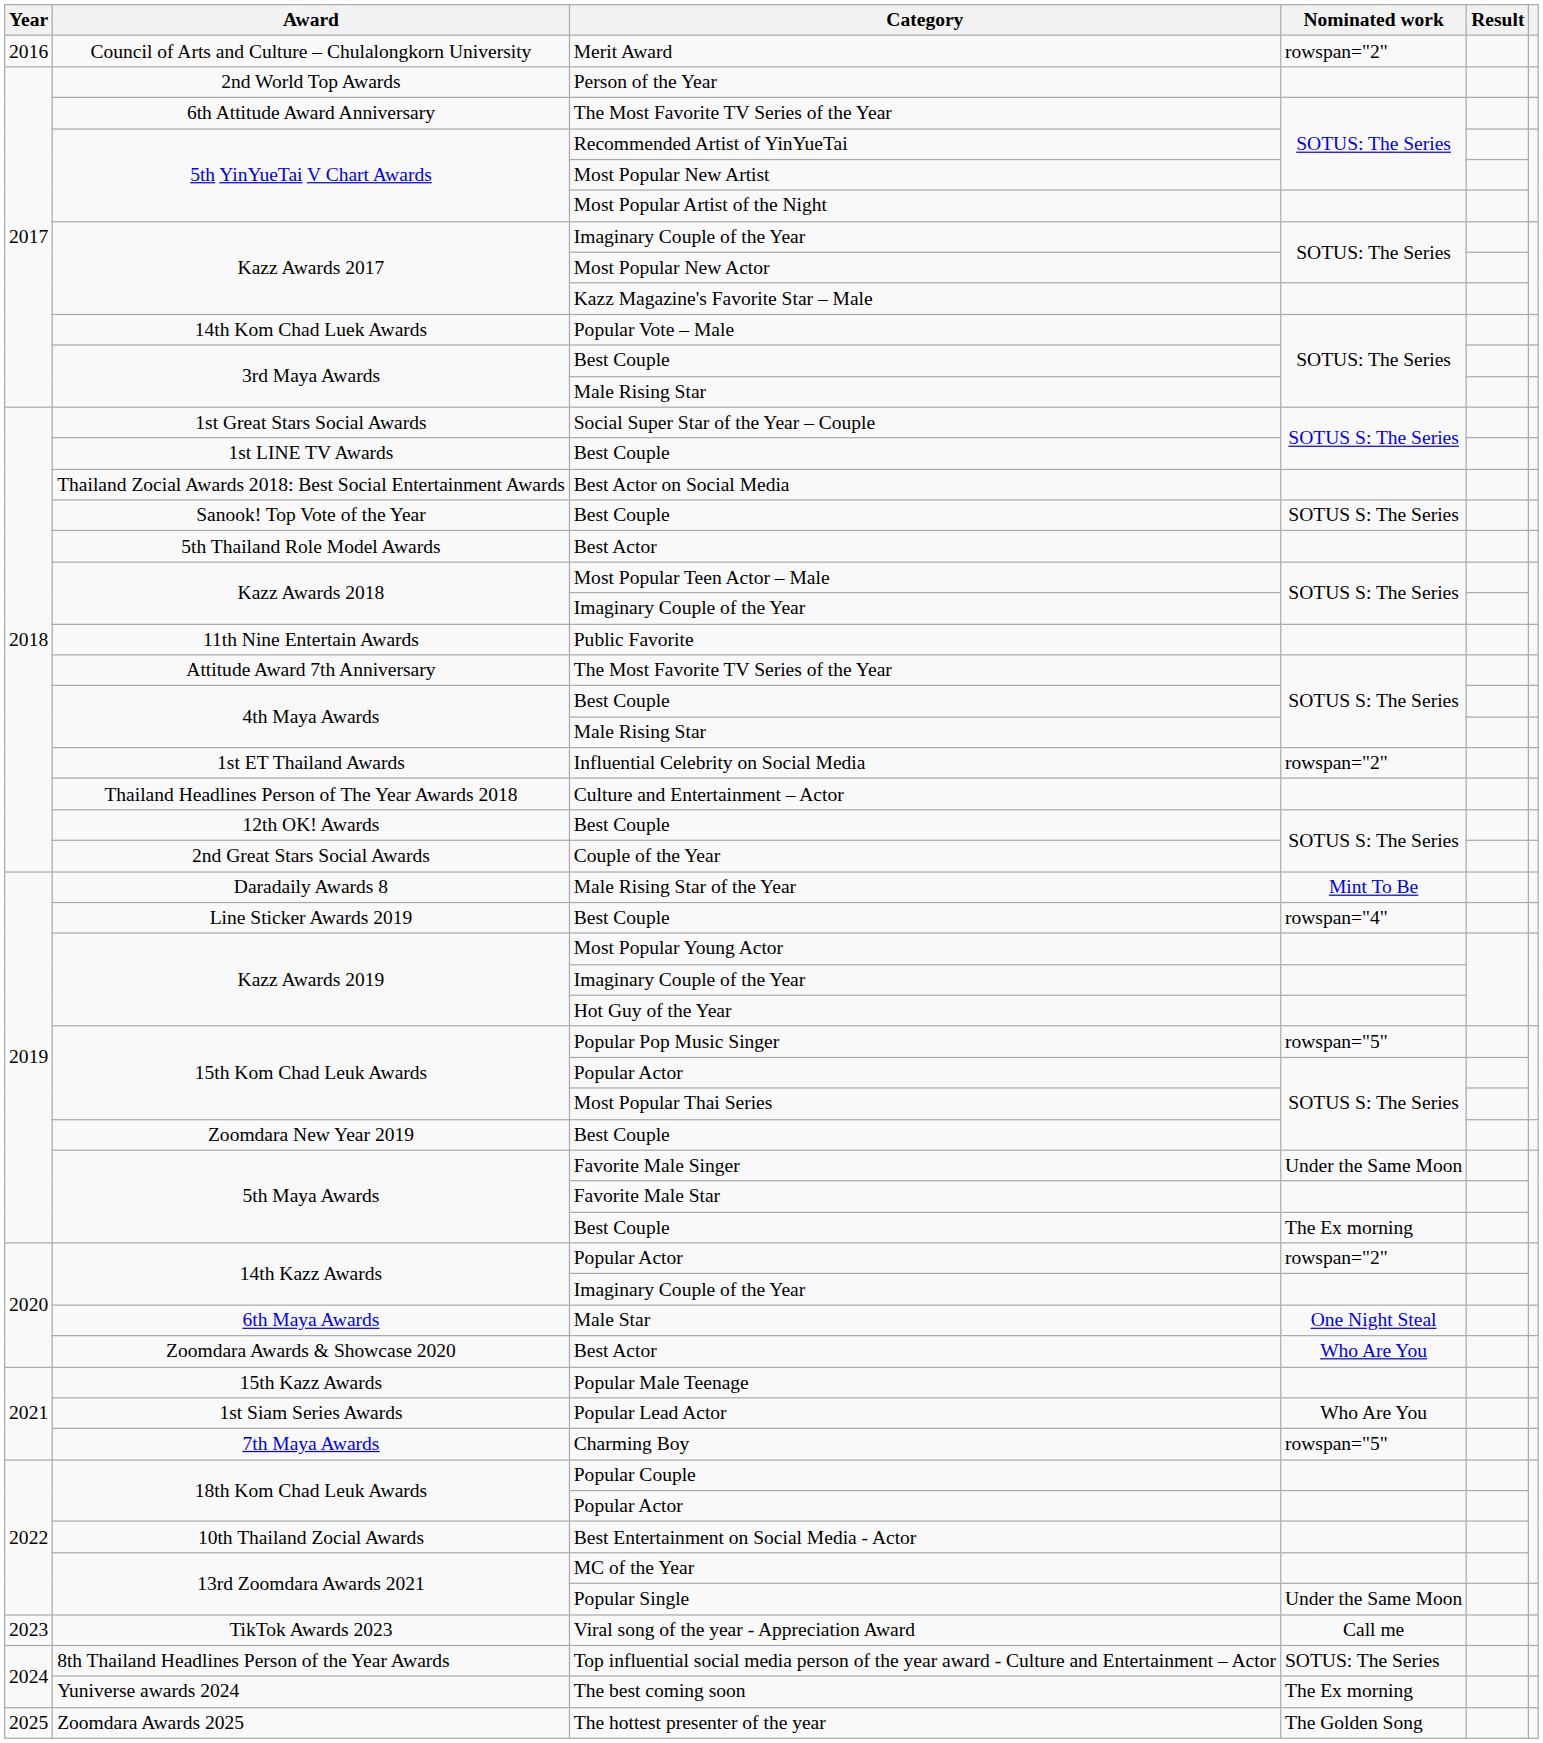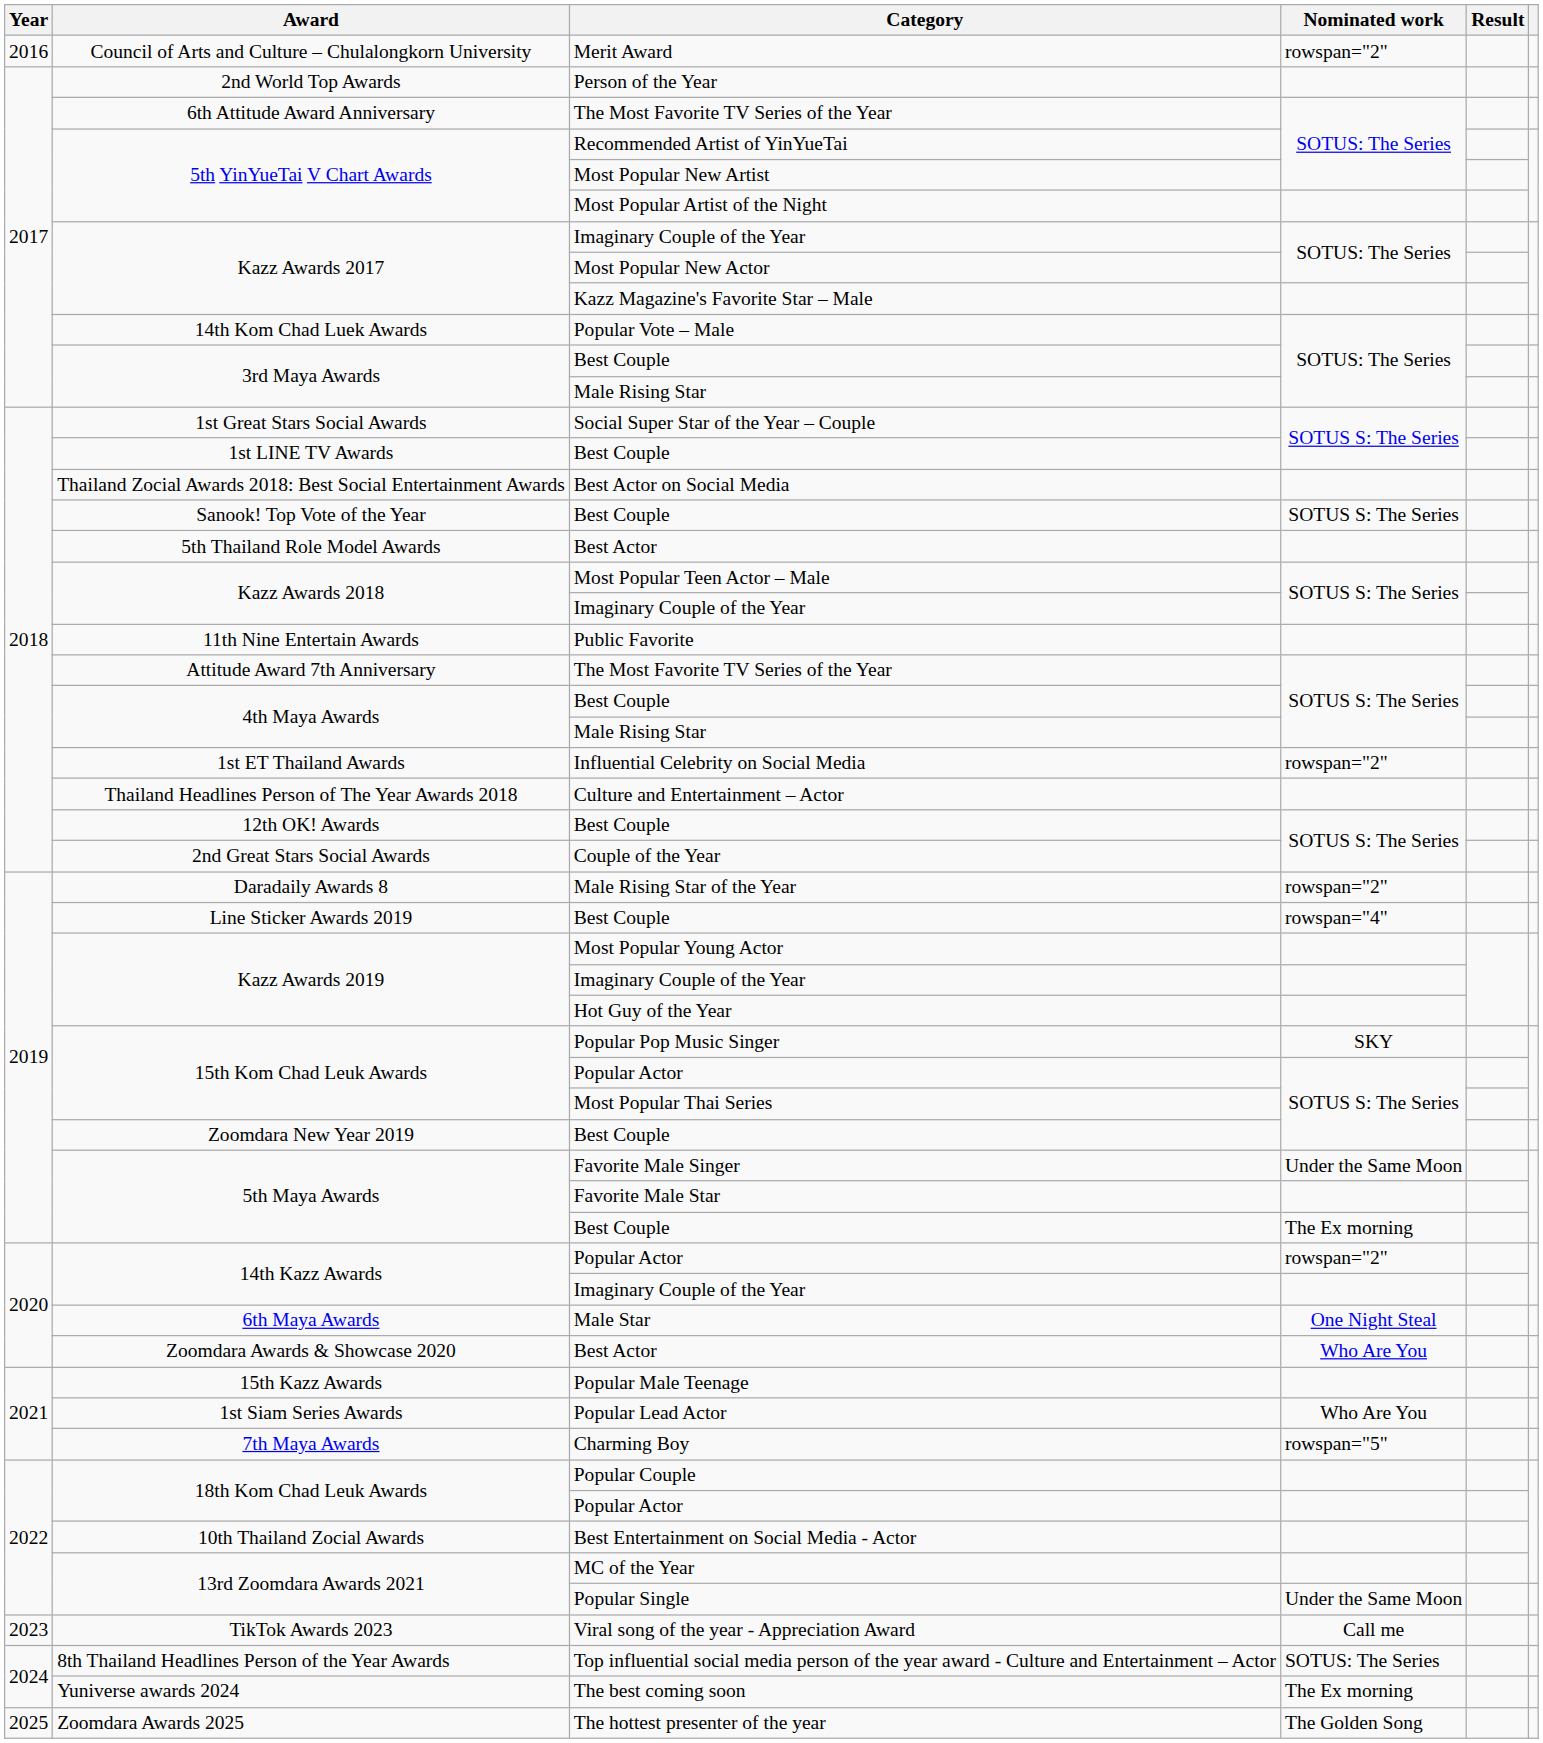 <table class="wikitable">
 <tr>
 <th>Year</th>
 <th>Award</th>
 <th>Category</th>
 <th>Nominated work</th>
 <th>Result</th>
 <th></th>
 </tr>
 <tr>
 <td>2016</td>
 <td style="text-align: center;">Council of Arts and Culture – Chulalongkorn University</td>
 <td>Merit Award</td>
 <td>rowspan="2" </td>
 <td></td>
 <td style="text-align: center;"></td>
 </tr>
 <tr>
 <td rowspan="11">2017</td>
 <td style="text-align: center;">2nd World Top Awards</td>
 <td>Person of the Year</td>
 <td></td>
 <td style="text-align: center;"></td>
 </tr>
 <tr>
 <td style="text-align: center;">6th Attitude Award Anniversary</td>
 <td>The Most Favorite TV Series of the Year</td>
 <td rowspan="3" style="text-align:center;"><a href='#'>SOTUS: The Series</a></td>
 <td></td>
 <td style="text-align: center;"></td>
 </tr>
 <tr>
 <td rowspan="3" style="text-align: center;"><a href='#'>5th</a> <a href='#'>YinYueTai</a> <a href='#'>V Chart Awards</a></td>
 <td>Recommended Artist of YinYueTai </td>
 <td></td>
 <td rowspan="3" style="text-align: center;"></td>
 </tr>
 <tr>
 <td>Most Popular New Artist</td>
 <td></td>
 </tr>
 <tr>
 <td>Most Popular Artist of the Night</td>
 <td></td>
 <td></td>
 </tr>
 <tr>
 <td rowspan="3" style="text-align: center;">Kazz Awards 2017</td>
 <td>Imaginary Couple of the Year </td>
 <td rowspan="2" style="text-align:center;">SOTUS: The Series</td>
 <td></td>
 <td rowspan="3" style="text-align:center;"></td>
 </tr>
 <tr>
 <td>Most Popular New Actor</td>
 <td></td>
 </tr>
 <tr>
 <td>Kazz Magazine's Favorite Star – Male</td>
 <td></td>
 <td></td>
 </tr>
 <tr>
 <td style="text-align: center;">14th Kom Chad Luek Awards</td>
 <td>Popular Vote – Male</td>
 <td rowspan="3" style="text-align:center;">SOTUS: The Series</td>
 <td></td>
 <td style="text-align: center;"></td>
 </tr>
 <tr>
 <td rowspan="2" style="text-align: center;">3rd Maya Awards</td>
 <td>Best Couple </td>
 <td></td>
 <td style="text-align: center;"></td>
 </tr>
 <tr>
 <td Male Rising Star (TV)>Male Rising Star</td>
 <td></td>
 <td style="text-align: center;"></td>
 </tr>
 <tr>
 <td rowspan="15">2018</td>
 <td style="text-align: center;">1st Great Stars Social Awards</td>
 <td>Social Super Star of the Year – Couple </td>
 <td rowspan="2" style="text-align:center;"><a href='#'>SOTUS S: The Series</a></td>
 <td></td>
 <td style="text-align: center;"></td>
 </tr>
 <tr>
 <td style="text-align: center;">1st LINE TV Awards</td>
 <td>Best Couple </td>
 <td></td>
 <td style="text-align: center;"></td>
 </tr>
 <tr>
 <td style="text-align: center;">Thailand Zocial Awards 2018: Best Social Entertainment Awards</td>
 <td>Best Actor on Social Media</td>
 <td></td>
 <td></td>
 <td style="text-align: center;"></td>
 </tr>
 <tr>
 <td style="text-align: center;">Sanook! Top Vote of the Year</td>
 <td>Best Couple </td>
 <td style="text-align:center;">SOTUS S: The Series</td>
 <td></td>
 <td style="text-align: center;"></td>
 </tr>
 <tr>
 <td style="text-align: center;">5th Thailand Role Model Awards</td>
 <td>Best Actor</td>
 <td></td>
 <td></td>
 <td style="text-align: center;"></td>
 </tr>
 <tr>
 <td rowspan="2" style="text-align: center;">Kazz Awards 2018</td>
 <td>Most Popular Teen Actor – Male</td>
 <td rowspan="2" style="text-align:center;">SOTUS S: The Series</td>
 <td></td>
 <td rowspan="2" style="text-align: center;"></td>
 </tr>
 <tr>
 <td>Imaginary Couple of the Year </td>
 <td></td>
 </tr>
 <tr>
 <td style="text-align: center;">11th Nine Entertain Awards</td>
 <td>Public Favorite</td>
 <td></td>
 <td></td>
 <td></td>
 </tr>
 <tr>
 <td style="text-align:center;">Attitude Award 7th Anniversary</td>
 <td>The Most Favorite TV Series of the Year</td>
 <td rowspan="3" style="text-align:center;">SOTUS S: The Series</td>
 <td></td>
 <td style="text-align:center;"></td>
 </tr>
 <tr>
 <td rowspan="2" style="text-align: center;">4th Maya Awards</td>
 <td>Best Couple </td>
 <td></td>
 <td style="text-align: center;"></td>
 </tr>
 <tr>
 <td>Male Rising Star</td>
 <td></td>
 <td style="text-align: center;"></td>
 </tr>
 <tr>
 <td style="text-align: center;">1st ET Thailand Awards</td>
 <td>Influential Celebrity on Social Media</td>
 <td>rowspan="2" </td>
 <td></td>
 <td style="text-align: center;"></td>
 </tr>
 <tr>
 <td style="text-align: center;">Thailand Headlines Person of The Year Awards 2018</td>
 <td>Culture and Entertainment – Actor </td>
 <td></td>
 <td style="text-align: center;"></td>
 </tr>
 <tr>
 <td style="text-align: center;">12th OK! Awards</td>
 <td>Best Couple </td>
 <td rowspan="2" style="text-align:center;">SOTUS S: The Series</td>
 <td></td>
 <td style="text-align: center;"></td>
 </tr>
 <tr>
 <td style="text-align: center;">2nd Great Stars Social Awards</td>
 <td>Couple of the Year </td>
 <td></td>
 <td style="text-align: center;"></td>
 </tr>
 <tr>
 <td rowspan="12">2019</td>
 <td style="text-align: center;">Daradaily Awards 8</td>
 <td>Male Rising Star of the Year</td>
-<td style="text-align:center;"><a href='#'>Mint To Be</a></td>
+<td>rowspan="2" </td>
 <td></td>
 <td style="text-align: center;"></td>
 </tr>
 <tr>
 <td style="text-align:center;">Line Sticker Awards 2019</td>
 <td>Best Couple </td>
 <td>rowspan="4" </td>
 <td></td>
 <td style="text-align:center;"></td>
 </tr>
 <tr>
 <td rowspan="3" style="text-align: center;">Kazz Awards 2019</td>
 <td>Most Popular Young Actor</td>
 <td></td>
 <td rowspan="3" style="text-align: center;"></td>
 </tr>
 <tr>
 <td>Imaginary Couple of the Year </td>
 <td></td>
 </tr>
 <tr>
 <td>Hot Guy of the Year</td>
 <td></td>
 </tr>
 <tr>
 <td rowspan="3" style="text-align: center;">15th Kom Chad Leuk Awards</td>
 <td>Popular Pop Music Singer</td>
-<td>rowspan="5" </td>
+<td style="text-align: center;">SKY</td>
 <td></td>
 <td rowspan="3" style="text-align:center;"></td>
 </tr>
 <tr>
 <td>Popular Actor</td>
 <td rowspan="3" style="text-align: center;">SOTUS S: The Series</td>
 <td></td>
 </tr>
 <tr>
 <td>Most Popular Thai Series</td>
 <td></td>
 </tr>
 <tr>
 <td style="text-align:center;">Zoomdara New Year 2019</td>
 <td>Best Couple </td>
 <td></td>
 <td style="text-align:center;"></td>
 </tr>
 <tr>
 <td rowspan="3" style="text-align: center;">5th Maya Awards</td>
 <td>Favorite Male Singer</td>
 <td>Under the Same Moon </td>
 <td></td>
 <td rowspan="3" style="text-align:center;"></td>
 </tr>
 <tr>
 <td>Favorite Male Star</td>
 <td></td>
 <td></td>
 </tr>
 <tr>
 <td>Best Couple </td>
 <td>The Ex morning</td>
 <td></td>
 </tr>
 <tr>
 <td rowspan="4">2020</td>
 <td rowspan="2" style="text-align: center;">14th Kazz Awards</td>
 <td>Popular Actor</td>
 <td>rowspan="2" </td>
 <td></td>
 <td rowspan="2" style="text-align: center;"></td>
 </tr>
 <tr>
 <td>Imaginary Couple of the Year </td>
 <td></td>
 </tr>
 <tr>
 <td style="text-align: center;"><a href='#'>6th Maya Awards</a></td>
 <td>Male Star</td>
 <td style="text-align:center;"><a href='#'>One Night Steal</a></td>
 <td></td>
 <td style="text-align: center;"></td>
 </tr>
 <tr>
 <td style="text-align: center;">Zoomdara Awards & Showcase 2020</td>
 <td>Best Actor</td>
 <td style="text-align:center;"><a href='#'>Who Are You</a></td>
 <td></td>
 <td style="text-align: center;"></td>
 </tr>
 <tr>
 <td rowspan="3">2021</td>
 <td style="text-align:center;">15th Kazz Awards</td>
 <td>Popular Male Teenage</td>
 <td></td>
 <td></td>
 <td></td>
 </tr>
 <tr>
 <td style="text-align:center;">1st Siam Series Awards</td>
 <td>Popular Lead Actor</td>
 <td style="text-align:center;">Who Are You</td>
 <td></td>
 <td></td>
 </tr>
 <tr>
 <td style="text-align:center;"><a href='#'>7th Maya Awards</a></td>
 <td>Charming Boy</td>
 <td>rowspan="5" </td>
 <td></td>
 <td></td>
 </tr>
 <tr>
 <td rowspan="5">2022</td>
 <td rowspan="2" style="text-align:center;">18th Kom Chad Leuk Awards</td>
 <td>Popular Couple </td>
 <td></td>
 <td></td>
 </tr>
 <tr>
 <td>Popular Actor</td>
 <td></td>
 <td></td>
 </tr>
 <tr>
 <td style="text-align:center;">10th Thailand Zocial Awards</td>
 <td>Best Entertainment on Social Media - Actor</td>
 <td></td>
 <td></td>
 </tr>
 <tr>
 <td rowspan="2" style="text-align:center;">13rd Zoomdara Awards 2021</td>
 <td>MC of the Year</td>
 <td></td>
 <td></td>
 </tr>
 <tr>
 <td>Popular Single</td>
 <td>Under the Same Moon </td>
 <td></td>
 <td></td>
 </tr>
 <tr>
 <td>2023</td>
 <td style="text-align:center;">TikTok Awards 2023</td>
 <td>Viral song of the year - Appreciation Award</td>
 <td style="text-align:center;">Call me</td>
 <td></td>
 <td></td>
 </tr>
 <tr>
 <td rowspan="2">2024</td>
 <td>8th Thailand Headlines Person of the Year Awards</td>
 <td>Top influential social media  person of the year award - Culture and Entertainment – Actor </td>
 <td>SOTUS: The Series</td>
 <td></td>
 <td></td>
 </tr>
 <tr>
 <td>Yuniverse awards 2024</td>
 <td>The best coming soon</td>
 <td>The Ex morning</td>
 <td></td>
 <td></td>
 </tr>
 <tr>
 <td>2025</td>
 <td>Zoomdara Awards 2025</td>
 <td>The hottest presenter of the year</td>
 <td>The Golden Song</td>
 <td></td>
 <td></td>
 </tr>
 </table>
